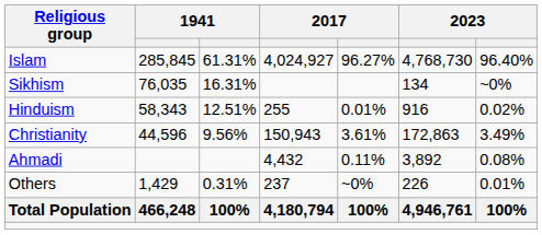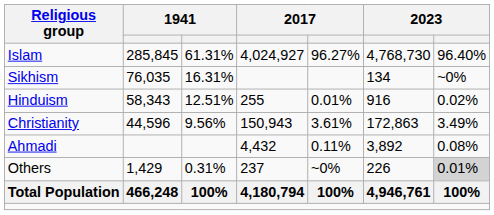 <table class="wikitable sortable">
 <tr>
 <th rowspan="2"><a href='#'>Religious</a><br>group</th>
 <th colspan="2">1941</th>
 <th colspan="2">2017</th>
 <th colspan="2">2023</th>
 </tr>
 <tr>
 <th><a href='#'></a></th>
 <th></th>
 <th></th>
 <th></th>
 <th></th>
 <th></th>
 </tr>
 <tr>
 <td><a href='#'>Islam</a> </td>
 <td>285,845</td>
 <td>61.31%</td>
 <td>4,024,927</td>
 <td>96.27%</td>
 <td>4,768,730</td>
 <td>96.40%</td>
 </tr>
 <tr>
 <td><a href='#'>Sikhism</a> </td>
 <td>76,035</td>
 <td>16.31%</td>
 <td></td>
 <td></td>
 <td>134</td>
 <td>~0%</td>
 </tr>
 <tr>
 <td><a href='#'>Hinduism</a> </td>
 <td>58,343</td>
 <td>12.51%</td>
 <td>255</td>
 <td>0.01%</td>
 <td>916</td>
 <td>0.02%</td>
 </tr>
 <tr>
 <td><a href='#'>Christianity</a> </td>
 <td>44,596</td>
 <td>9.56%</td>
 <td>150,943</td>
 <td>3.61%</td>
 <td>172,863</td>
 <td>3.49%</td>
 </tr>
 <tr>
 <td><a href='#'>Ahmadi</a></td>
 <td></td>
 <td></td>
 <td>4,432</td>
 <td>0.11%</td>
 <td>3,892</td>
 <td>0.08%</td>
 </tr>
 <tr>
 <td>Others</td>
 <td>1,429</td>
 <td>0.31%</td>
 <td>237</td>
 <td>~0%</td>
 <td>226</td>
-<td>0.01%</td>
+<td style="background: lightgrey;">0.01%</td>
 </tr>
 <tr>
 <th>Total Population</th>
 <th>466,248</th>
 <th>100%</th>
 <th>4,180,794</th>
 <th>100%</th>
 <th>4,946,761</th>
 <th>100%</th>
 </tr>
 <tr class="sortbottom">
 <td colspan="7"></td>
 </tr>
 </table>
